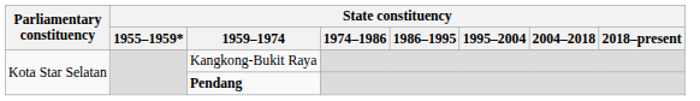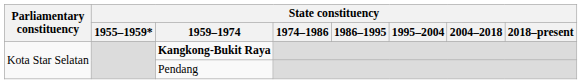 <table class="wikitable">
 <tr>
 <th rowspan="2">Parliamentary<br>constituency</th>
 <th colspan="7">State constituency</th>
 </tr>
 <tr>
 <th>1955–1959*</th>
 <th>1959–1974</th>
 <th>1974–1986</th>
 <th>1986–1995</th>
 <th>1995–2004</th>
 <th>2004–2018</th>
 <th>2018–present</th>
 </tr>
 <tr>
 <td rowspan="2">Kota Star Selatan</td>
 <td rowspan="2" bgcolor="dcdcdc"></td>
-<td>Kangkong-Bukit Raya</td>
+<td><strong>Kangkong-Bukit Raya</strong></td>
 <td colspan="5" bgcolor="dcdcdc"></td>
 </tr>
 <tr>
-<td><strong>Pendang</strong></td>
+<td>Pendang</td>
 <td colspan="5" bgcolor="dcdcdc"></td>
 </tr>
 </table>
